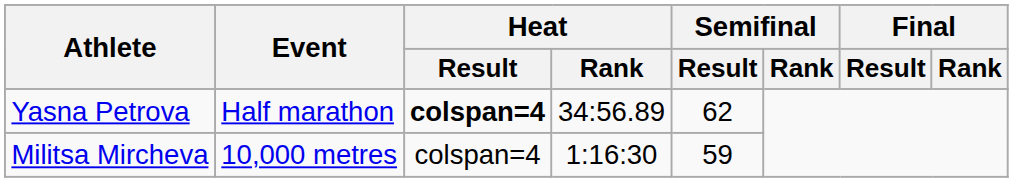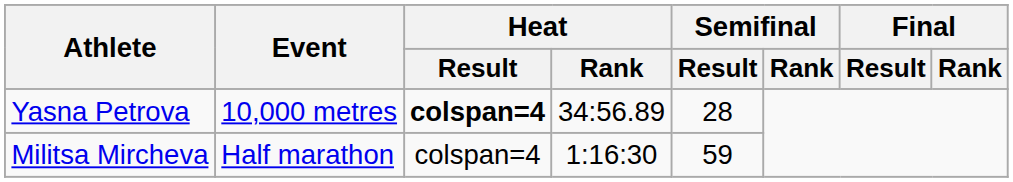 <table class=wikitable style=font-size:90%>
 <tr>
 <th rowspan=2>Athlete</th>
 <th rowspan=2>Event</th>
 <th colspan=2>Heat</th>
 <th colspan=2>Semifinal</th>
 <th colspan=2>Final</th>
 </tr>
 <tr style=font-size:95%>
 <th>Result</th>
 <th>Rank</th>
 <th>Result</th>
 <th>Rank</th>
 <th>Result</th>
 <th>Rank</th>
 </tr>
 <tr align=center>
 <td align=left><a href='#'>Yasna Petrova</a></td>
-<td align=left><a href='#'>Half marathon</a></td>
+<td align=left><a href='#'>10,000 metres</a></td>
 <td><strong>colspan=4</strong></td>
 <td>34:56.89</td>
-<td>62</td>
+<td>28</td>
 </tr>
 <tr align=center>
 <td align=left><a href='#'>Militsa Mircheva</a></td>
-<td align=left><a href='#'>10,000 metres</a></td>
+<td align=left><a href='#'>Half marathon</a></td>
 <td>colspan=4</td>
 <td>1:16:30</td>
 <td>59</td>
 </tr>
 </table>
